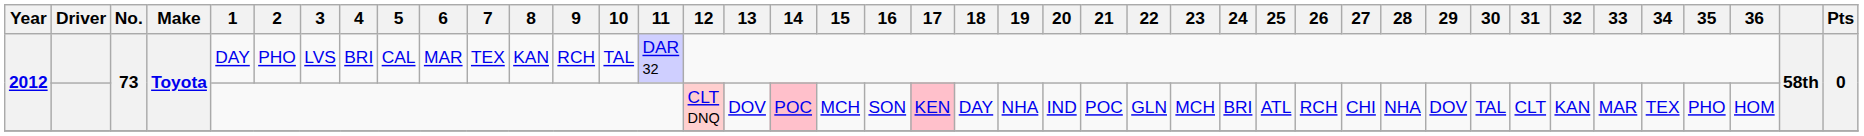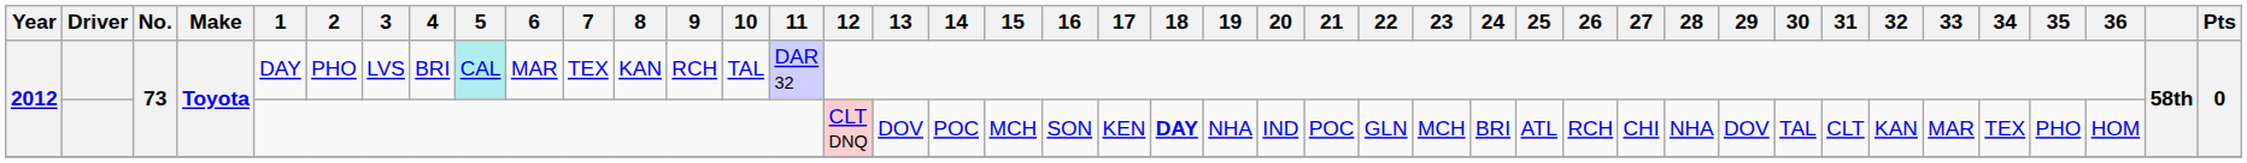 <table class="wikitable" style="texNogn:center; font-size:75%">
 <tr>
 <th>Year</th>
 <th>Driver</th>
 <th>No.</th>
 <th>Make</th>
 <th>1</th>
 <th>2</th>
 <th>3</th>
 <th>4</th>
 <th>5</th>
 <th>6</th>
 <th>7</th>
 <th>8</th>
 <th>9</th>
 <th>10</th>
 <th>11</th>
 <th>12</th>
 <th>13</th>
 <th>14</th>
 <th>15</th>
 <th>16</th>
 <th>17</th>
 <th>18</th>
 <th>19</th>
 <th>20</th>
 <th>21</th>
 <th>22</th>
 <th>23</th>
 <th>24</th>
 <th>25</th>
 <th>26</th>
 <th>27</th>
 <th>28</th>
 <th>29</th>
 <th>30</th>
 <th>31</th>
 <th>32</th>
 <th>33</th>
 <th>34</th>
 <th>35</th>
 <th>36</th>
 <th></th>
 <th>Pts</th>
 </tr>
 <tr>
 <th rowspan=2><a href='#'>2012</a></th>
 <th></th>
 <th rowspan=2>73</th>
 <th rowspan=2><a href='#'>Toyota</a></th>
 <td><a href='#'>DAY</a></td>
 <td><a href='#'>PHO</a></td>
 <td><a href='#'>LVS</a></td>
 <td><a href='#'>BRI</a></td>
-<td><a href='#'>CAL</a></td>
+<td style="background: paleturquoise;"><a href='#'>CAL</a></td>
 <td><a href='#'>MAR</a></td>
 <td><a href='#'>TEX</a></td>
 <td><a href='#'>KAN</a></td>
 <td><a href='#'>RCH</a></td>
 <td><a href='#'>TAL</a></td>
 <td style="background:#CFCFFF;"><a href='#'>DAR</a><br><small>32</small></td>
 <td colspan=25></td>
 <th rowspan=2>58th</th>
 <th rowspan=2>0</th>
 </tr>
 <tr>
 <th></th>
 <td colspan=11></td>
 <td style="background:#FFCFCF;"><a href='#'>CLT</a><br><small>DNQ</small></td>
 <td><a href='#'>DOV</a></td>
-<td style="background: pink;"><a href='#'>POC</a></td>
+<td><a href='#'>POC</a></td>
 <td><a href='#'>MCH</a></td>
 <td><a href='#'>SON</a></td>
-<td style="background: pink;"><a href='#'>KEN</a></td>
-<td><a href='#'>DAY</a></td>
+<td><a href='#'>KEN</a></td>
+<td><strong><a href='#'>DAY</a></strong></td>
 <td><a href='#'>NHA</a></td>
 <td><a href='#'>IND</a></td>
 <td><a href='#'>POC</a></td>
 <td><a href='#'>GLN</a></td>
 <td><a href='#'>MCH</a></td>
 <td><a href='#'>BRI</a></td>
 <td><a href='#'>ATL</a></td>
 <td><a href='#'>RCH</a></td>
 <td><a href='#'>CHI</a></td>
 <td><a href='#'>NHA</a></td>
 <td><a href='#'>DOV</a></td>
 <td><a href='#'>TAL</a></td>
 <td><a href='#'>CLT</a></td>
 <td><a href='#'>KAN</a></td>
 <td><a href='#'>MAR</a></td>
 <td><a href='#'>TEX</a></td>
 <td><a href='#'>PHO</a></td>
 <td><a href='#'>HOM</a></td>
 </tr>
 <tr>
 </tr>
 </table>
